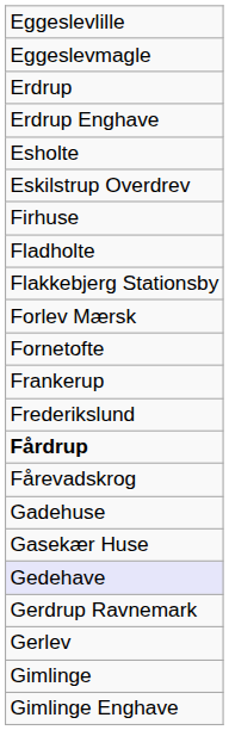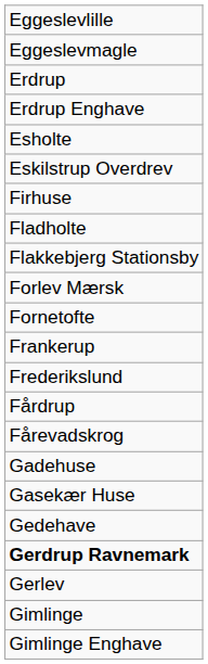 <table class="wikitable" style="float:left; margin-right:1em">
 <tr>
 <td>Eggeslevlille</td>
 </tr>
 <tr>
 <td>Eggeslevmagle</td>
 </tr>
 <tr>
 <td>Erdrup</td>
 </tr>
 <tr>
 <td>Erdrup Enghave</td>
 </tr>
 <tr>
 <td>Esholte</td>
 </tr>
 <tr>
 <td>Eskilstrup Overdrev</td>
 </tr>
 <tr>
 <td>Firhuse</td>
 </tr>
 <tr>
 <td>Fladholte</td>
 </tr>
 <tr>
 <td>Flakkebjerg Stationsby</td>
 </tr>
 <tr>
 <td>Forlev Mærsk</td>
 </tr>
 <tr>
 <td>Fornetofte</td>
 </tr>
 <tr>
 <td>Frankerup</td>
 </tr>
 <tr>
 <td>Frederikslund</td>
 </tr>
 <tr>
-<td><strong>Fårdrup</strong></td>
+<td>Fårdrup</td>
 </tr>
 <tr>
 <td>Fårevadskrog</td>
 </tr>
 <tr>
 <td>Gadehuse</td>
 </tr>
 <tr>
 <td>Gasekær Huse</td>
 </tr>
 <tr>
-<td style="background: lavender;">Gedehave</td>
+<td>Gedehave</td>
 </tr>
 <tr>
-<td>Gerdrup Ravnemark</td>
+<td><strong>Gerdrup Ravnemark</strong></td>
 </tr>
 <tr>
 <td>Gerlev</td>
 </tr>
 <tr>
 <td>Gimlinge</td>
 </tr>
 <tr>
 <td>Gimlinge Enghave</td>
 </tr>
 </table>
